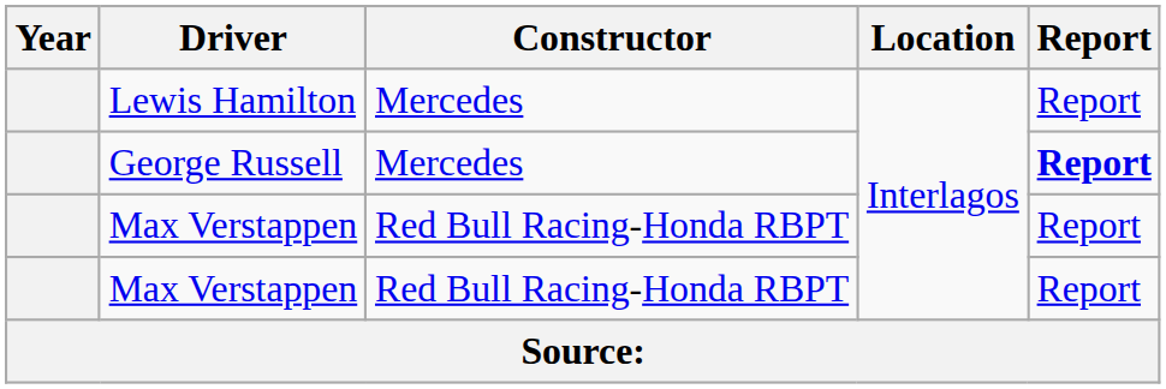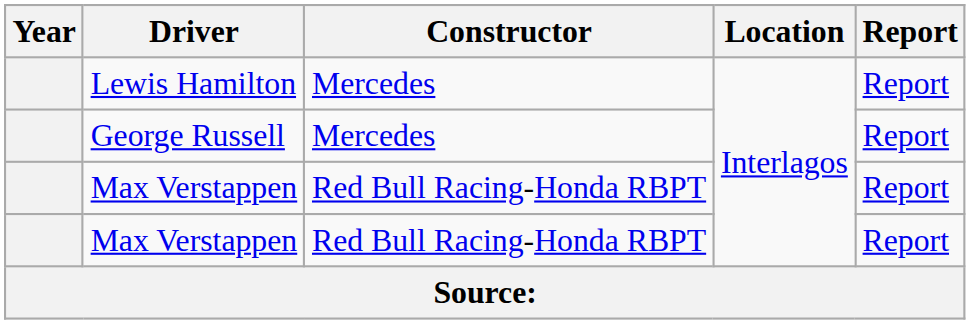 <table class="wikitable" style="font-size: 95%;">
 <tr>
 <th>Year</th>
 <th>Driver</th>
 <th>Constructor</th>
 <th>Location</th>
 <th>Report</th>
 </tr>
 <tr>
 <th></th>
 <td> <a href='#'>Lewis Hamilton</a></td>
 <td><a href='#'>Mercedes</a></td>
 <td rowspan="4"><a href='#'>Interlagos</a></td>
 <td><a href='#'>Report</a></td>
 </tr>
 <tr>
 <th></th>
 <td> <a href='#'>George Russell</a></td>
 <td><a href='#'>Mercedes</a></td>
-<td><strong><a href='#'>Report</a></strong></td>
+<td><a href='#'>Report</a></td>
 </tr>
 <tr>
 <th></th>
 <td> <a href='#'>Max Verstappen</a></td>
 <td><a href='#'>Red Bull Racing</a>-<a href='#'>Honda RBPT</a></td>
 <td><a href='#'>Report</a></td>
 </tr>
 <tr>
 <th></th>
 <td> <a href='#'>Max Verstappen</a></td>
 <td><a href='#'>Red Bull Racing</a>-<a href='#'>Honda RBPT</a></td>
 <td><a href='#'>Report</a></td>
 </tr>
 <tr>
 <th colspan=5>Source:</th>
 </tr>
 </table>
